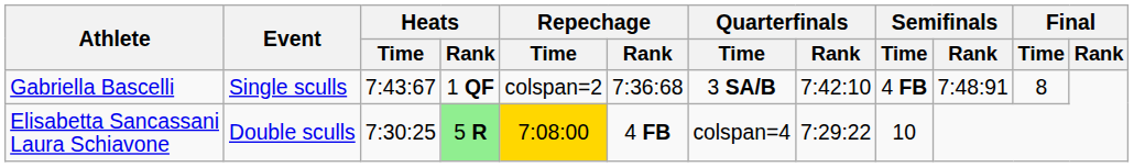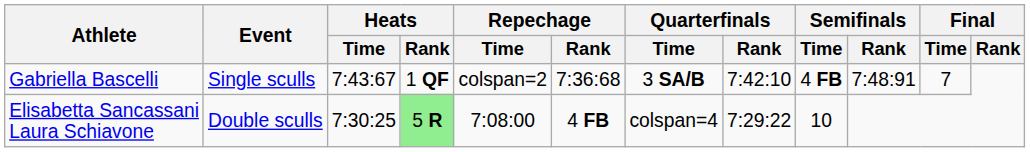 <table class="wikitable" style="font-size:90%">
 <tr>
 <th rowspan="2">Athlete</th>
 <th rowspan="2">Event</th>
 <th colspan="2">Heats</th>
 <th colspan="2">Repechage</th>
 <th colspan="2">Quarterfinals</th>
 <th colspan="2">Semifinals</th>
 <th colspan="2">Final</th>
 </tr>
 <tr style="font-size:95%">
 <th>Time</th>
 <th>Rank</th>
 <th>Time</th>
 <th>Rank</th>
 <th>Time</th>
 <th>Rank</th>
 <th>Time</th>
 <th>Rank</th>
 <th>Time</th>
 <th>Rank</th>
 </tr>
 <tr align=center>
 <td align=left><a href='#'>Gabriella Bascelli</a></td>
 <td align=left><a href='#'>Single sculls</a></td>
 <td>7:43:67</td>
 <td>1 <strong>QF</strong></td>
 <td>colspan=2 </td>
 <td>7:36:68</td>
 <td>3 <strong>SA/B</strong></td>
 <td>7:42:10</td>
 <td>4 <strong>FB</strong></td>
 <td>7:48:91</td>
-<td>8</td>
+<td>7</td>
 </tr>
 <tr align=center>
 <td align=left><a href='#'>Elisabetta Sancassani</a><br><a href='#'>Laura Schiavone</a></td>
 <td align=left><a href='#'>Double sculls</a></td>
 <td>7:30:25</td>
 <td style="background: lightgreen;">5 <strong>R</strong></td>
-<td style="background: gold;">7:08:00</td>
+<td>7:08:00</td>
 <td>4 <strong>FB</strong></td>
 <td>colspan=4 </td>
 <td>7:29:22</td>
 <td>10</td>
 </tr>
 </table>
